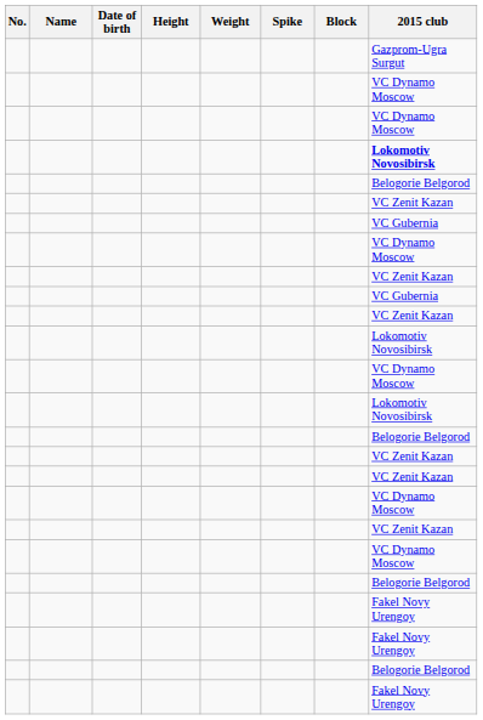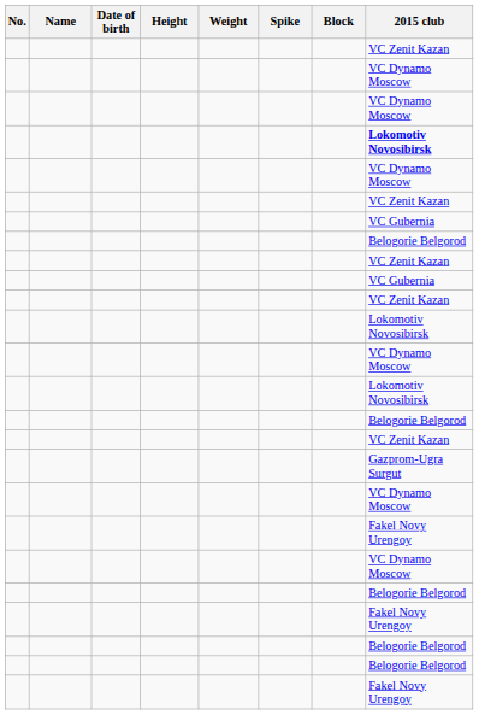 <table class="wikitable sortable" style="font-size:100%; text-align:center;">
 <tr>
 <th>No.</th>
 <th style="width:12em">Name</th>
 <th style="width:8em">Date of birth</th>
 <th style="width:9em">Height</th>
 <th style="width:9em">Weight</th>
 <th style="width:9em">Spike</th>
 <th style="width:9em">Block</th>
 <th style="width:19em">2015 club</th>
 </tr>
 <tr>
 <td></td>
 <td align=left></td>
 <td align=right></td>
 <td></td>
 <td></td>
 <td></td>
 <td></td>
-<td align=left> <a href='#'>Gazprom-Ugra Surgut</a></td>
+<td align=left> <a href='#'>VC Zenit Kazan</a></td>
 </tr>
 <tr>
 <td></td>
 <td align=left></td>
 <td align=right></td>
 <td></td>
 <td></td>
 <td></td>
 <td></td>
 <td align=left> <a href='#'>VC Dynamo Moscow</a></td>
 </tr>
 <tr>
 <td></td>
 <td align=left></td>
 <td align=right></td>
 <td></td>
 <td></td>
 <td></td>
 <td></td>
 <td align=left> <a href='#'>VC Dynamo Moscow</a></td>
 </tr>
 <tr>
 <td></td>
 <td align=left></td>
 <td align=right></td>
 <td></td>
 <td></td>
 <td></td>
 <td></td>
 <td align=left><strong> <a href='#'>Lokomotiv Novosibirsk</a></strong></td>
 </tr>
 <tr>
 <td></td>
 <td align=left></td>
 <td align=right></td>
 <td></td>
 <td></td>
 <td></td>
 <td></td>
-<td align=left> <a href='#'>Belogorie Belgorod</a></td>
+<td align=left> <a href='#'>VC Dynamo Moscow</a></td>
 </tr>
 <tr>
 <td></td>
 <td align=left></td>
 <td align=right></td>
 <td></td>
 <td></td>
 <td></td>
 <td></td>
 <td align=left> <a href='#'>VC Zenit Kazan</a></td>
 </tr>
 <tr>
 <td></td>
 <td align=left></td>
 <td align=right></td>
 <td></td>
 <td></td>
 <td></td>
 <td></td>
 <td align=left> <a href='#'>VC Gubernia</a></td>
 </tr>
 <tr>
 <td></td>
 <td align=left></td>
 <td align=right></td>
 <td></td>
 <td></td>
 <td></td>
 <td></td>
-<td align=left> <a href='#'>VC Dynamo Moscow</a></td>
+<td align=left> <a href='#'>Belogorie Belgorod</a></td>
 </tr>
 <tr>
 <td></td>
 <td align=left></td>
 <td align=right></td>
 <td></td>
 <td></td>
 <td></td>
 <td></td>
 <td align=left> <a href='#'>VC Zenit Kazan</a></td>
 </tr>
 <tr>
 <td></td>
 <td align=left></td>
 <td align=right></td>
 <td></td>
 <td></td>
 <td></td>
 <td></td>
 <td align=left> <a href='#'>VC Gubernia</a></td>
 </tr>
 <tr>
 <td></td>
 <td align=left></td>
 <td align=right></td>
 <td></td>
 <td></td>
 <td></td>
 <td></td>
 <td align=left> <a href='#'>VC Zenit Kazan</a></td>
 </tr>
 <tr>
 <td></td>
 <td align=left></td>
 <td align=right></td>
 <td></td>
 <td></td>
 <td></td>
 <td></td>
 <td align=left> <a href='#'>Lokomotiv Novosibirsk</a></td>
 </tr>
 <tr>
 <td></td>
 <td align=left></td>
 <td align=right></td>
 <td></td>
 <td></td>
 <td></td>
 <td></td>
 <td align=left> <a href='#'>VC Dynamo Moscow</a></td>
 </tr>
 <tr>
 <td></td>
 <td align=left></td>
 <td align=right></td>
 <td></td>
 <td></td>
 <td></td>
 <td></td>
 <td align=left> <a href='#'>Lokomotiv Novosibirsk</a></td>
 </tr>
 <tr>
 <td></td>
 <td align=left></td>
 <td align=right></td>
 <td></td>
 <td></td>
 <td></td>
 <td></td>
 <td align=left> <a href='#'>Belogorie Belgorod</a></td>
 </tr>
 <tr>
 <td></td>
 <td align=left></td>
 <td align=right></td>
 <td></td>
 <td></td>
 <td></td>
 <td></td>
 <td align=left> <a href='#'>VC Zenit Kazan</a></td>
 </tr>
 <tr>
 <td></td>
 <td align=left></td>
 <td align=right></td>
 <td></td>
 <td></td>
 <td></td>
 <td></td>
-<td align=left> <a href='#'>VC Zenit Kazan</a></td>
+<td align=left> <a href='#'>Gazprom-Ugra Surgut</a></td>
 </tr>
 <tr>
 <td></td>
 <td align=left></td>
 <td align=right></td>
 <td></td>
 <td></td>
 <td></td>
 <td></td>
 <td align=left> <a href='#'>VC Dynamo Moscow</a></td>
 </tr>
 <tr>
 <td></td>
 <td align=left></td>
 <td align=right></td>
 <td></td>
 <td></td>
 <td></td>
 <td></td>
-<td align=left> <a href='#'>VC Zenit Kazan</a></td>
+<td align=left> <a href='#'>Fakel Novy Urengoy</a></td>
 </tr>
 <tr>
 <td></td>
 <td align=left></td>
 <td align=right></td>
 <td></td>
 <td></td>
 <td></td>
 <td></td>
 <td align=left> <a href='#'>VC Dynamo Moscow</a></td>
 </tr>
 <tr>
 <td></td>
 <td align=left></td>
 <td align=right></td>
 <td></td>
 <td></td>
 <td></td>
 <td></td>
 <td align=left> <a href='#'>Belogorie Belgorod</a></td>
 </tr>
 <tr>
 <td></td>
 <td align=left></td>
 <td align=right></td>
 <td></td>
 <td></td>
 <td></td>
 <td></td>
 <td align=left> <a href='#'>Fakel Novy Urengoy</a></td>
 </tr>
 <tr>
 <td></td>
 <td align=left></td>
 <td align=right></td>
 <td></td>
 <td></td>
 <td></td>
 <td></td>
-<td align=left> <a href='#'>Fakel Novy Urengoy</a></td>
+<td align=left> <a href='#'>Belogorie Belgorod</a></td>
 </tr>
 <tr>
 <td></td>
 <td align=left></td>
 <td align=right></td>
 <td></td>
 <td></td>
 <td></td>
 <td></td>
 <td align=left> <a href='#'>Belogorie Belgorod</a></td>
 </tr>
 <tr>
 <td></td>
 <td align=left></td>
 <td align=right></td>
 <td></td>
 <td></td>
 <td></td>
 <td></td>
 <td align=left> <a href='#'>Fakel Novy Urengoy</a></td>
 </tr>
 </table>
